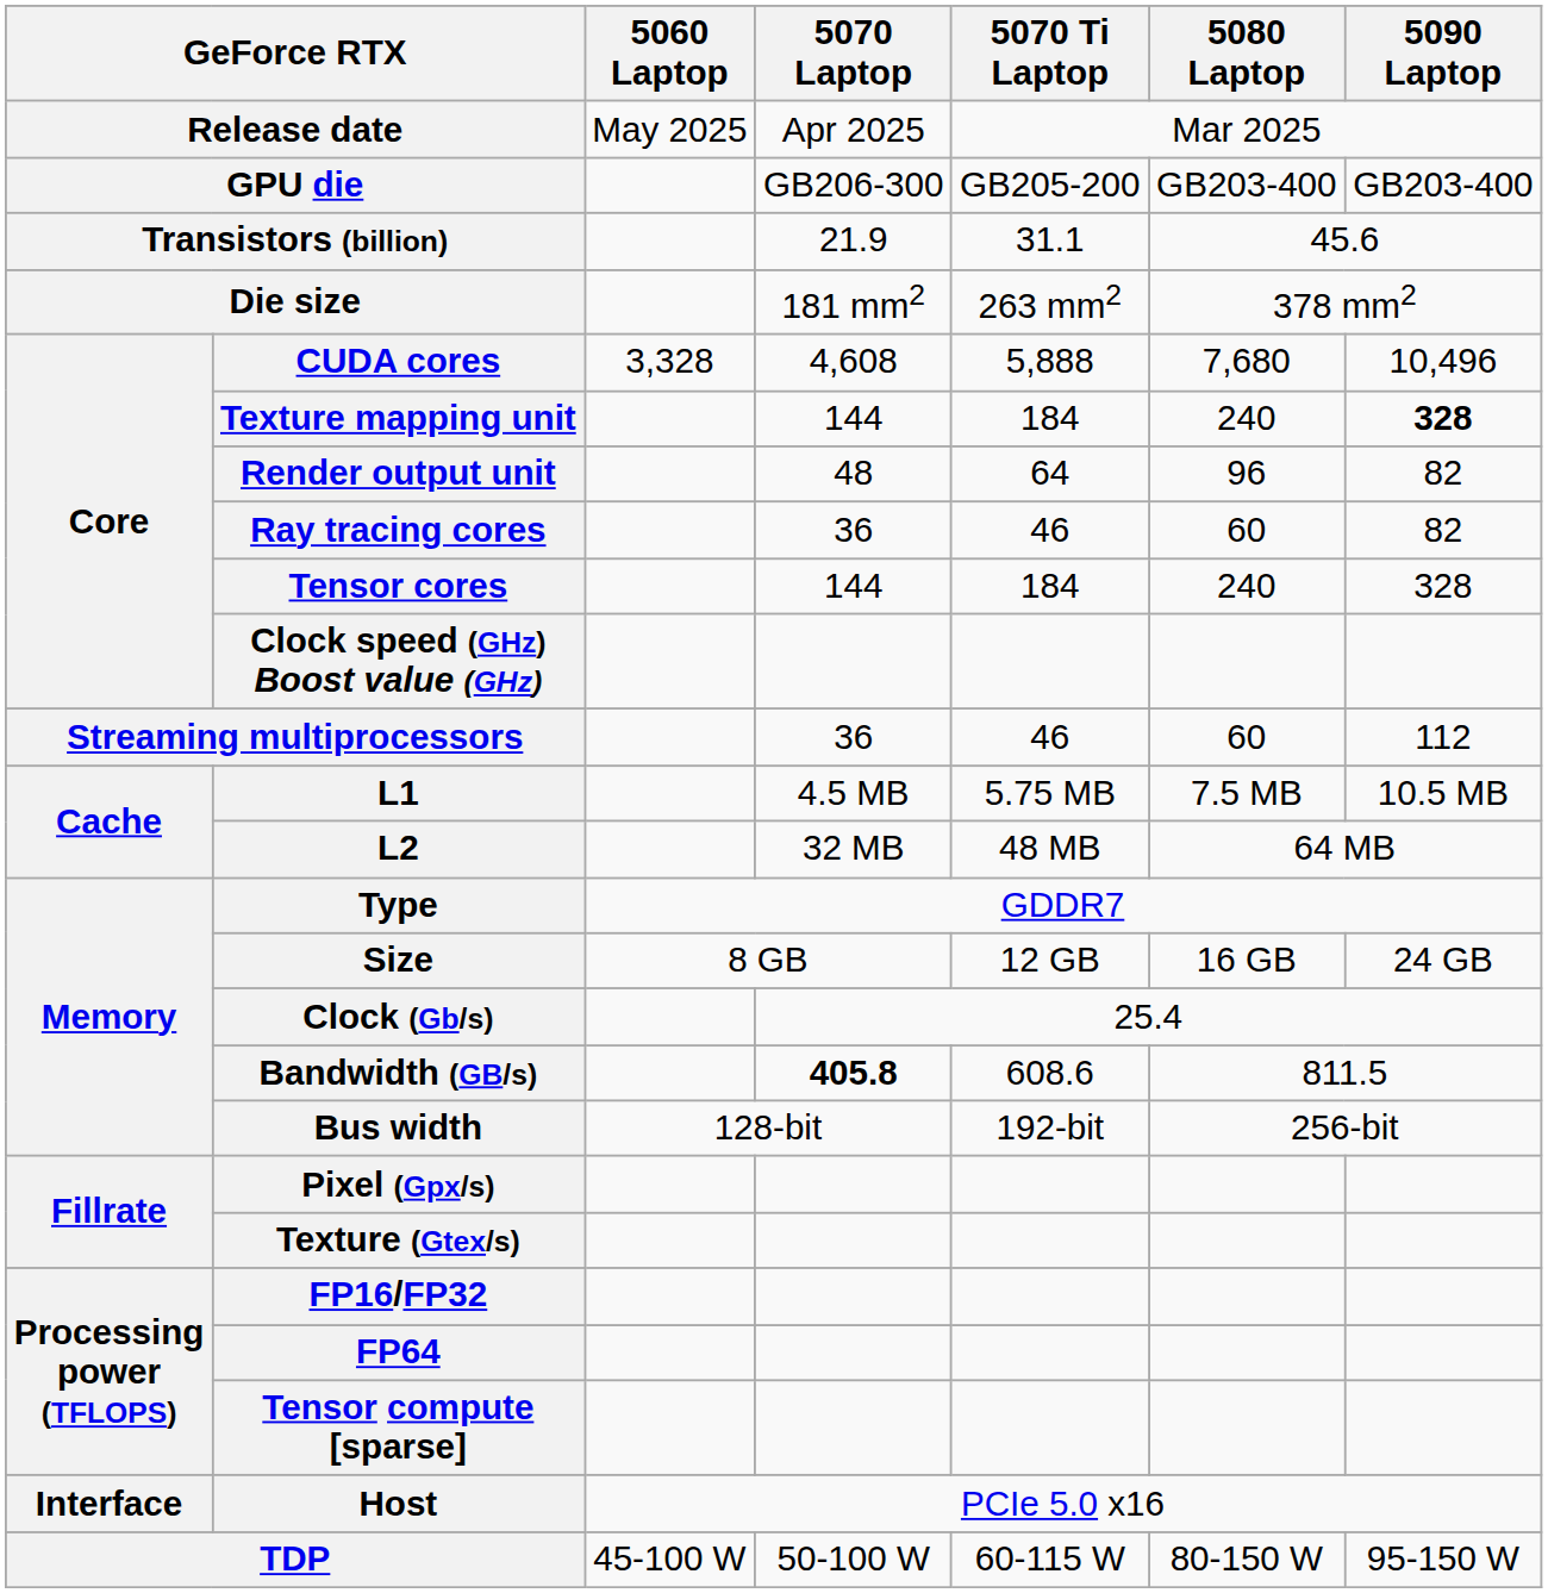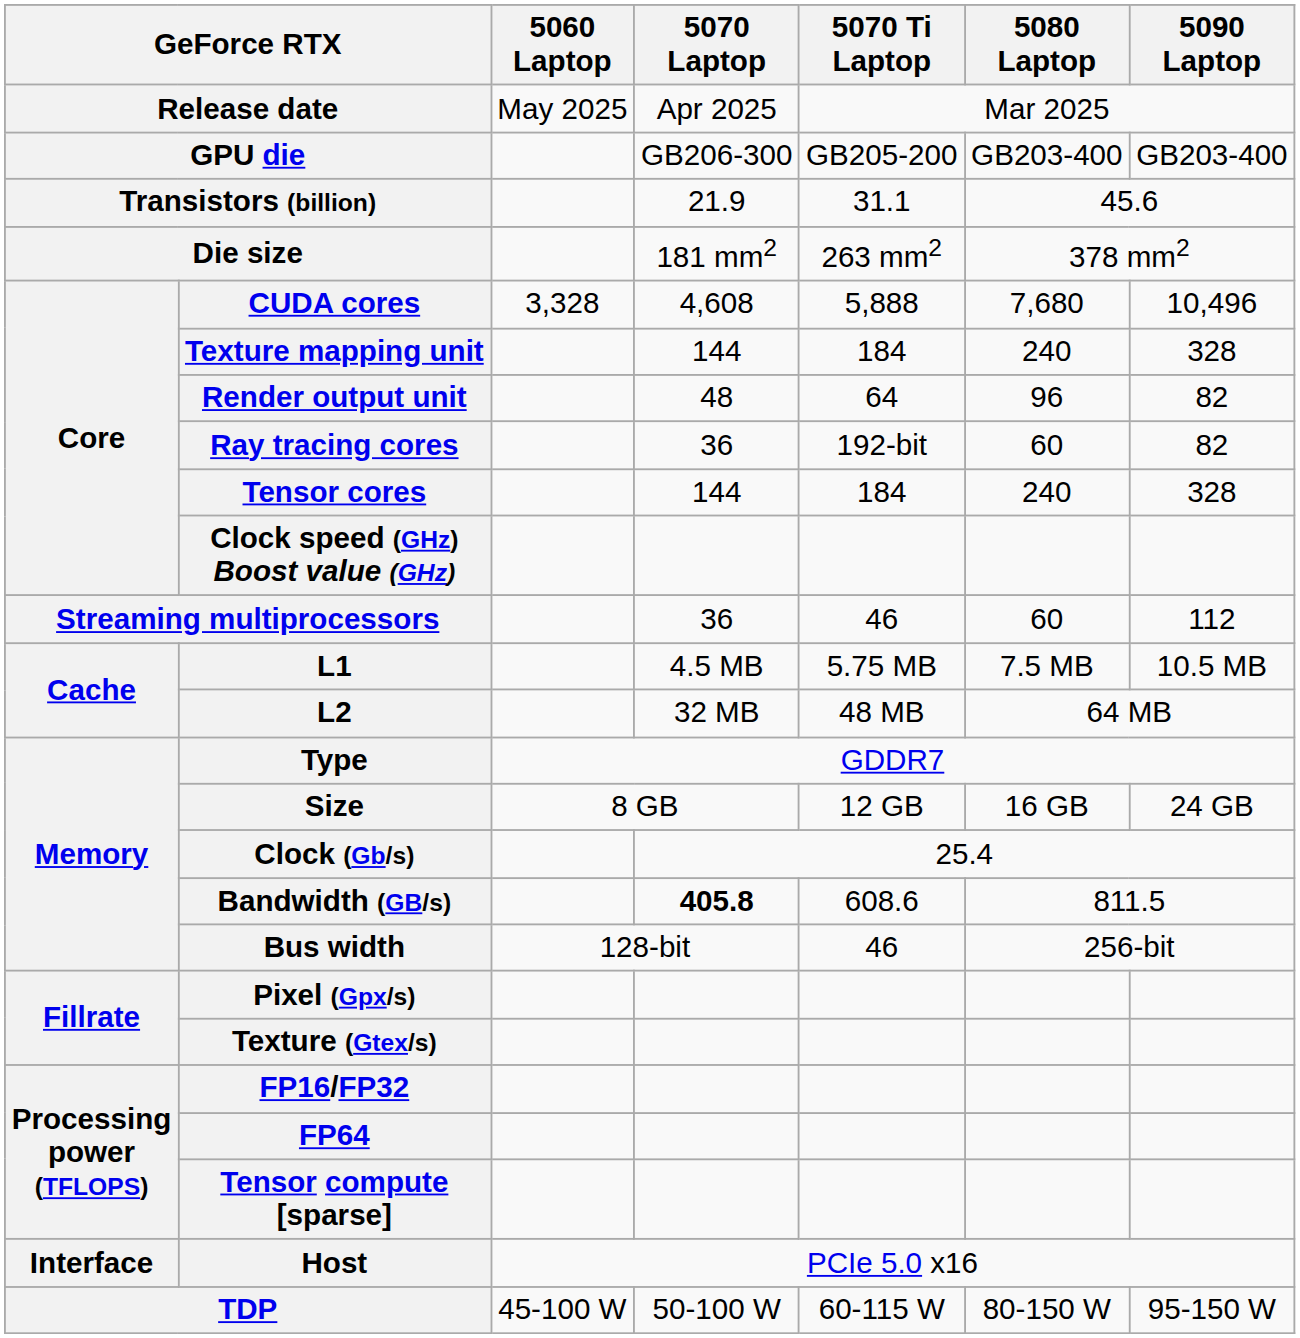 <table class="wikitable sticky-header" style="text-align:center; white-space:nowrap;">
 <tr>
 <th colspan="2">GeForce RTX</th>
 <th>5060<br>Laptop</th>
 <th>5070<br>Laptop</th>
 <th>5070 Ti<br>Laptop</th>
 <th>5080<br>Laptop</th>
 <th>5090<br>Laptop</th>
 </tr>
 <tr>
 <th colspan="2">Release date</th>
 <td>May 2025</td>
 <td>Apr 2025</td>
 <td colspan="3">Mar 2025</td>
 </tr>
 <tr>
 <th colspan="2">GPU <a href='#'>die</a></th>
 <td></td>
 <td>GB206-300</td>
 <td>GB205-200</td>
 <td>GB203-400</td>
 <td>GB203-400</td>
 </tr>
 <tr>
 <th colspan="2">Transistors <small>(billion)</small></th>
 <td></td>
 <td>21.9</td>
 <td>31.1</td>
 <td colspan="2">45.6</td>
 </tr>
 <tr>
 <th colspan="2">Die size</th>
 <td></td>
 <td>181 mm<sup>2</sup></td>
 <td>263 mm<sup>2</sup></td>
 <td colspan="2">378 mm<sup>2</sup></td>
 </tr>
 <tr>
 <th rowspan="6">Core</th>
 <th><a href='#'>CUDA cores</a></th>
 <td>3,328</td>
 <td>4,608</td>
 <td>5,888</td>
 <td>7,680</td>
 <td>10,496</td>
 </tr>
 <tr>
 <th><a href='#'>Texture mapping unit</a></th>
 <td></td>
 <td>144</td>
 <td>184</td>
 <td>240</td>
-<td><strong>328</strong></td>
+<td>328</td>
 </tr>
 <tr>
 <th><a href='#'>Render output unit</a></th>
 <td></td>
 <td>48</td>
 <td>64</td>
 <td>96</td>
 <td>82</td>
 </tr>
 <tr>
 <th><a href='#'>Ray tracing cores</a></th>
 <td></td>
 <td>36</td>
-<td>46</td>
+<td>192-bit</td>
 <td>60</td>
 <td>82</td>
 </tr>
 <tr>
 <th><a href='#'>Tensor cores</a></th>
 <td></td>
 <td>144</td>
 <td>184</td>
 <td>240</td>
 <td>328</td>
 </tr>
 <tr>
 <th>Clock speed <small>(<a href='#'>GHz</a>)</small><br><em>Boost value <small>(<a href='#'>GHz</a>)</small></em></th>
 <td></td>
 <td></td>
 <td></td>
 <td></td>
 <td></td>
 </tr>
 <tr>
 <th colspan="2"><a href='#'>Streaming multiprocessors</a></th>
 <td></td>
 <td>36</td>
 <td>46</td>
 <td>60</td>
 <td>112</td>
 </tr>
 <tr>
 <th rowspan="2"><a href='#'>Cache</a></th>
 <th>L1</th>
 <td></td>
 <td>4.5 MB</td>
 <td>5.75 MB</td>
 <td>7.5 MB</td>
 <td>10.5 MB</td>
 </tr>
 <tr>
 <th>L2</th>
 <td></td>
 <td>32 MB</td>
 <td>48 MB</td>
 <td colspan="2">64 MB</td>
 </tr>
 <tr>
 <th rowspan="5"><a href='#'>Memory</a></th>
 <th>Type</th>
 <td colspan="5"><a href='#'>GDDR7</a></td>
 </tr>
 <tr>
 <th>Size</th>
 <td colspan="2">8 GB</td>
 <td>12 GB</td>
 <td>16 GB</td>
 <td>24 GB</td>
 </tr>
 <tr>
 <th>Clock <small>(<a href='#'>Gb</a>/s)</small></th>
 <td></td>
 <td colspan="4">25.4</td>
 </tr>
 <tr>
 <th>Bandwidth <small>(<a href='#'>GB</a>/s)</small></th>
 <td></td>
 <td><strong>405.8</strong></td>
 <td>608.6</td>
 <td colspan="2">811.5</td>
 </tr>
 <tr>
 <th>Bus width</th>
 <td colspan="2">128-bit</td>
-<td>192-bit</td>
+<td>46</td>
 <td colspan="2">256-bit</td>
 </tr>
 <tr>
 <th rowspan="2"><a href='#'>Fillrate</a></th>
 <th>Pixel <small>(<a href='#'>Gpx</a>/s)</small></th>
 <td></td>
 <td></td>
 <td></td>
 <td></td>
 <td></td>
 </tr>
 <tr>
 <th>Texture <small>(<a href='#'>Gtex</a>/s)</small></th>
 <td></td>
 <td></td>
 <td></td>
 <td></td>
 <td></td>
 </tr>
 <tr>
 <th rowspan="3">Processing<br>power<br><small>(<a href='#'>TFLOPS</a>)</small></th>
 <th><a href='#'>FP16</a>/<a href='#'>FP32</a></th>
 <td></td>
 <td></td>
 <td></td>
 <td></td>
 <td></td>
 </tr>
 <tr>
 <th><a href='#'>FP64</a></th>
 <td></td>
 <td></td>
 <td></td>
 <td></td>
 <td></td>
 </tr>
 <tr>
 <th><a href='#'>Tensor</a> <a href='#'>compute</a><br>[sparse]</th>
 <td></td>
 <td></td>
 <td></td>
 <td></td>
 <td></td>
 </tr>
 <tr>
 <th rowspan=1>Interface</th>
 <th>Host</th>
 <td colspan="5"><a href='#'>PCIe 5.0</a> x16</td>
 </tr>
 <tr>
 <th colspan="2"><a href='#'>TDP</a></th>
 <td>45-100 W</td>
 <td>50-100 W</td>
 <td>60-115 W</td>
 <td>80-150 W</td>
 <td>95-150 W</td>
 </tr>
 </table>
